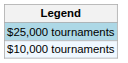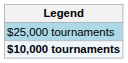 <table class="wikitable" style="font-size:90%">
 <tr>
 <th>Legend</th>
 </tr>
 <tr style="background:lightblue;">
 <td>$25,000 tournaments</td>
 </tr>
 <tr style="background:#f0f8ff;">
-<td>$10,000 tournaments</td>
+<td><strong>$10,000 tournaments</strong></td>
 </tr>
 </table>
